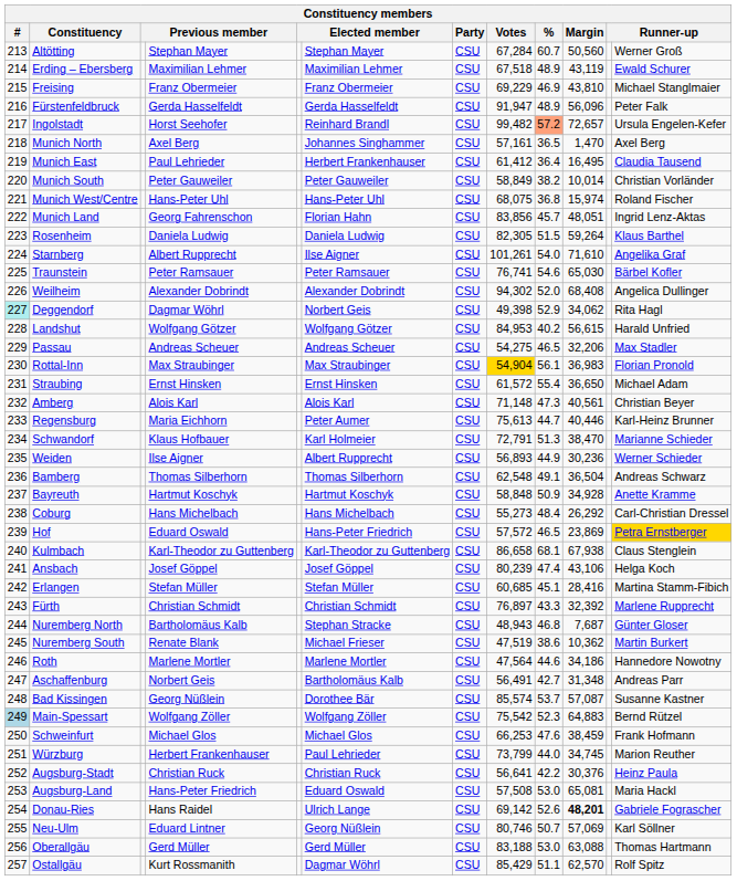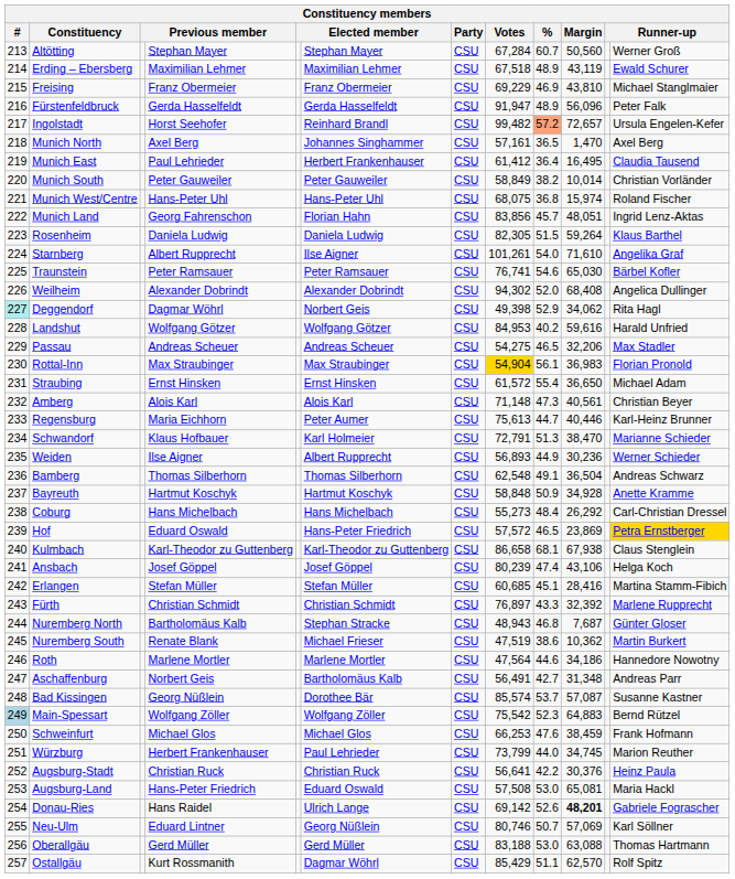 <table class="wikitable sortable" style="text-align:right">
 <tr>
 <th colspan="12">Constituency members</th>
 </tr>
 <tr>
 <th>#</th>
 <th>Constituency</th>
 <th colspan="2">Previous member</th>
 <th colspan="2">Elected member</th>
 <th>Party</th>
 <th>Votes</th>
 <th>%</th>
 <th>Margin</th>
 <th colspan="2">Runner-up</th>
 </tr>
 <tr>
 <td>213</td>
 <td align=left><a href='#'>Altötting</a></td>
 <td bgcolor=></td>
 <td align=left><a href='#'>Stephan Mayer</a></td>
 <td bgcolor=></td>
 <td align=left><a href='#'>Stephan Mayer</a></td>
 <td align=left><a href='#'>CSU</a></td>
 <td>67,284</td>
 <td>60.7</td>
 <td>50,560</td>
 <td bgcolor=></td>
 <td align=left>Werner Groß</td>
 </tr>
 <tr>
 <td>214</td>
 <td align=left><a href='#'>Erding – Ebersberg</a></td>
 <td bgcolor=></td>
 <td align=left><a href='#'>Maximilian Lehmer</a></td>
 <td></td>
 <td align=left><a href='#'>Maximilian Lehmer</a></td>
 <td align="left"><a href='#'>CSU</a></td>
 <td>67,518</td>
 <td>48.9</td>
 <td>43,119</td>
 <td bgcolor=></td>
 <td align=left><a href='#'>Ewald Schurer</a></td>
 </tr>
 <tr>
 <td>215</td>
 <td align=left><a href='#'>Freising</a></td>
 <td bgcolor=></td>
 <td align=left><a href='#'>Franz Obermeier</a></td>
 <td></td>
 <td align=left><a href='#'>Franz Obermeier</a></td>
 <td align="left"><a href='#'>CSU</a></td>
 <td>69,229</td>
 <td>46.9</td>
 <td>43,810</td>
 <td bgcolor=></td>
 <td align=left>Michael Stanglmaier</td>
 </tr>
 <tr>
 <td>216</td>
 <td align=left><a href='#'>Fürstenfeldbruck</a></td>
 <td bgcolor=></td>
 <td align=left><a href='#'>Gerda Hasselfeldt</a></td>
 <td bgcolor=></td>
 <td align=left><a href='#'>Gerda Hasselfeldt</a></td>
 <td align=left><a href='#'>CSU</a></td>
 <td>91,947</td>
 <td>48.9</td>
 <td>56,096</td>
 <td bgcolor=></td>
 <td align=left>Peter Falk</td>
 </tr>
 <tr>
 <td>217</td>
 <td align=left><a href='#'>Ingolstadt</a></td>
 <td bgcolor=></td>
 <td align=left><a href='#'>Horst Seehofer</a></td>
 <td bgcolor=></td>
 <td align=left><a href='#'>Reinhard Brandl</a></td>
 <td align=left><a href='#'>CSU</a></td>
 <td>99,482</td>
 <td style="background: lightsalmon;">57.2</td>
 <td>72,657</td>
 <td bgcolor=></td>
 <td align=left>Ursula Engelen-Kefer</td>
 </tr>
 <tr>
 <td>218</td>
 <td align=left><a href='#'>Munich North</a></td>
 <td bgcolor=></td>
 <td align=left><a href='#'>Axel Berg</a></td>
 <td bgcolor=></td>
 <td align=left><a href='#'>Johannes Singhammer</a></td>
 <td align=left><a href='#'>CSU</a></td>
 <td>57,161</td>
 <td>36.5</td>
 <td>1,470</td>
 <td bgcolor=></td>
 <td align=left>Axel Berg</td>
 </tr>
 <tr>
 <td>219</td>
 <td align=left><a href='#'>Munich East</a></td>
 <td bgcolor=></td>
 <td align=left><a href='#'>Paul Lehrieder</a></td>
 <td bgcolor=></td>
 <td align=left><a href='#'>Herbert Frankenhauser</a></td>
 <td align=left><a href='#'>CSU</a></td>
 <td>61,412</td>
 <td>36.4</td>
 <td>16,495</td>
 <td bgcolor=></td>
 <td align=left><a href='#'>Claudia Tausend</a></td>
 </tr>
 <tr>
 <td>220</td>
 <td align=left><a href='#'>Munich South</a></td>
 <td bgcolor=></td>
 <td align=left><a href='#'>Peter Gauweiler</a></td>
 <td bgcolor=></td>
 <td align=left><a href='#'>Peter Gauweiler</a></td>
 <td align=left><a href='#'>CSU</a></td>
 <td>58,849</td>
 <td>38.2</td>
 <td>10,014</td>
 <td bgcolor=></td>
 <td align=left>Christian Vorländer</td>
 </tr>
 <tr>
 <td>221</td>
 <td align=left><a href='#'>Munich West/Centre</a></td>
 <td bgcolor=></td>
 <td align=left><a href='#'>Hans-Peter Uhl</a></td>
 <td bgcolor=></td>
 <td align=left><a href='#'>Hans-Peter Uhl</a></td>
 <td align=left><a href='#'>CSU</a></td>
 <td>68,075</td>
 <td>36.8</td>
 <td>15,974</td>
 <td bgcolor=></td>
 <td align=left>Roland Fischer</td>
 </tr>
 <tr>
 <td>222</td>
 <td align=left><a href='#'>Munich Land</a></td>
 <td bgcolor=></td>
 <td align=left><a href='#'>Georg Fahrenschon</a></td>
 <td bgcolor=></td>
 <td align=left><a href='#'>Florian Hahn</a></td>
 <td align=left><a href='#'>CSU</a></td>
 <td>83,856</td>
 <td>45.7</td>
 <td>48,051</td>
 <td bgcolor=></td>
 <td align=left>Ingrid Lenz-Aktas</td>
 </tr>
 <tr>
 <td>223</td>
 <td align=left><a href='#'>Rosenheim</a></td>
 <td bgcolor=></td>
 <td align=left><a href='#'>Daniela Ludwig</a></td>
 <td bgcolor=></td>
 <td align=left><a href='#'>Daniela Ludwig</a></td>
 <td align=left><a href='#'>CSU</a></td>
 <td>82,305</td>
 <td>51.5</td>
 <td>59,264</td>
 <td bgcolor=></td>
 <td align=left><a href='#'>Klaus Barthel</a></td>
 </tr>
 <tr>
 <td>224</td>
 <td align=left><a href='#'>Starnberg</a></td>
 <td bgcolor=></td>
 <td align=left><a href='#'>Albert Rupprecht</a></td>
 <td bgcolor=></td>
 <td align=left><a href='#'>Ilse Aigner</a></td>
 <td align=left><a href='#'>CSU</a></td>
 <td>101,261</td>
 <td>54.0</td>
 <td>71,610</td>
 <td bgcolor=></td>
 <td align=left><a href='#'>Angelika Graf</a></td>
 </tr>
 <tr>
 <td>225</td>
 <td align=left><a href='#'>Traunstein</a></td>
 <td bgcolor=></td>
 <td align=left><a href='#'>Peter Ramsauer</a></td>
 <td bgcolor=></td>
 <td align=left><a href='#'>Peter Ramsauer</a></td>
 <td align=left><a href='#'>CSU</a></td>
 <td>76,741</td>
 <td>54.6</td>
 <td>65,030</td>
 <td bgcolor=></td>
 <td align=left><a href='#'>Bärbel Kofler</a></td>
 </tr>
 <tr>
 <td>226</td>
 <td align=left><a href='#'>Weilheim</a></td>
 <td bgcolor=></td>
 <td align=left><a href='#'>Alexander Dobrindt</a></td>
 <td bgcolor=></td>
 <td align=left><a href='#'>Alexander Dobrindt</a></td>
 <td align=left><a href='#'>CSU</a></td>
 <td>94,302</td>
 <td>52.0</td>
 <td>68,408</td>
 <td bgcolor=></td>
 <td align=left>Angelica Dullinger</td>
 </tr>
 <tr>
 <td style="background: paleturquoise;">227</td>
 <td align=left><a href='#'>Deggendorf</a></td>
 <td bgcolor=></td>
 <td align=left><a href='#'>Dagmar Wöhrl</a></td>
 <td bgcolor=></td>
 <td align=left><a href='#'>Norbert Geis</a></td>
 <td align=left><a href='#'>CSU</a></td>
 <td>49,398</td>
 <td>52.9</td>
 <td>34,062</td>
 <td bgcolor=></td>
 <td align=left>Rita Hagl</td>
 </tr>
 <tr>
 <td>228</td>
 <td align=left><a href='#'>Landshut</a></td>
 <td bgcolor=></td>
 <td align=left><a href='#'>Wolfgang Götzer</a></td>
 <td></td>
 <td align=left><a href='#'>Wolfgang Götzer</a></td>
 <td align="left"><a href='#'>CSU</a></td>
 <td>84,953</td>
 <td>40.2</td>
-<td>56,615</td>
+<td>59,616</td>
 <td bgcolor=></td>
 <td align=left>Harald Unfried</td>
 </tr>
 <tr>
 <td>229</td>
 <td align=left><a href='#'>Passau</a></td>
 <td bgcolor=></td>
 <td align=left><a href='#'>Andreas Scheuer</a></td>
 <td bgcolor=></td>
 <td align=left><a href='#'>Andreas Scheuer</a></td>
 <td align=left><a href='#'>CSU</a></td>
 <td>54,275</td>
 <td>46.5</td>
 <td>32,206</td>
 <td bgcolor=></td>
 <td align=left><a href='#'>Max Stadler</a></td>
 </tr>
 <tr>
 <td>230</td>
 <td align=left><a href='#'>Rottal-Inn</a></td>
 <td bgcolor=></td>
 <td align=left><a href='#'>Max Straubinger</a></td>
 <td bgcolor=></td>
 <td align=left><a href='#'>Max Straubinger</a></td>
 <td align=left><a href='#'>CSU</a></td>
 <td style="background: gold;">54,904</td>
 <td>56.1</td>
 <td>36,983</td>
 <td bgcolor=></td>
 <td align=left><a href='#'>Florian Pronold</a></td>
 </tr>
 <tr>
 <td>231</td>
 <td align=left><a href='#'>Straubing</a></td>
 <td bgcolor=></td>
 <td align=left><a href='#'>Ernst Hinsken</a></td>
 <td></td>
 <td align=left><a href='#'>Ernst Hinsken</a></td>
 <td align="left"><a href='#'>CSU</a></td>
 <td>61,572</td>
 <td>55.4</td>
 <td>36,650</td>
 <td bgcolor=></td>
 <td align=left>Michael Adam</td>
 </tr>
 <tr>
 <td>232</td>
 <td align=left><a href='#'>Amberg</a></td>
 <td bgcolor=></td>
 <td align=left><a href='#'>Alois Karl</a></td>
 <td bgcolor=></td>
 <td align=left><a href='#'>Alois Karl</a></td>
 <td align=left><a href='#'>CSU</a></td>
 <td>71,148</td>
 <td>47.3</td>
 <td>40,561</td>
 <td bgcolor=></td>
 <td align=left>Christian Beyer</td>
 </tr>
 <tr>
 <td>233</td>
 <td align=left><a href='#'>Regensburg</a></td>
 <td bgcolor=></td>
 <td align=left><a href='#'>Maria Eichhorn</a></td>
 <td bgcolor=></td>
 <td align=left><a href='#'>Peter Aumer</a></td>
 <td align=left><a href='#'>CSU</a></td>
 <td>75,613</td>
 <td>44.7</td>
 <td>40,446</td>
 <td bgcolor=></td>
 <td align=left>Karl-Heinz Brunner</td>
 </tr>
 <tr>
 <td>234</td>
 <td align=left><a href='#'>Schwandorf</a></td>
 <td bgcolor=></td>
 <td align=left><a href='#'>Klaus Hofbauer</a></td>
 <td></td>
 <td align=left><a href='#'>Karl Holmeier</a></td>
 <td align=left><a href='#'>CSU</a></td>
 <td>72,791</td>
 <td>51.3</td>
 <td>38,470</td>
 <td bgcolor=></td>
 <td align=left><a href='#'>Marianne Schieder</a></td>
 </tr>
 <tr>
 <td>235</td>
 <td align=left><a href='#'>Weiden</a></td>
 <td bgcolor=></td>
 <td align=left><a href='#'>Ilse Aigner</a></td>
 <td bgcolor=></td>
 <td align=left><a href='#'>Albert Rupprecht</a></td>
 <td align=left><a href='#'>CSU</a></td>
 <td>56,893</td>
 <td>44.9</td>
 <td>30,236</td>
 <td bgcolor=></td>
 <td align=left><a href='#'>Werner Schieder</a></td>
 </tr>
 <tr>
 <td>236</td>
 <td align=left><a href='#'>Bamberg</a></td>
 <td bgcolor=></td>
 <td align=left><a href='#'>Thomas Silberhorn</a></td>
 <td bgcolor=></td>
 <td align=left><a href='#'>Thomas Silberhorn</a></td>
 <td align=left><a href='#'>CSU</a></td>
 <td>62,548</td>
 <td>49.1</td>
 <td>36,504</td>
 <td bgcolor=></td>
 <td align=left>Andreas Schwarz</td>
 </tr>
 <tr>
 <td>237</td>
 <td align=left><a href='#'>Bayreuth</a></td>
 <td bgcolor=></td>
 <td align=left><a href='#'>Hartmut Koschyk</a></td>
 <td></td>
 <td align=left><a href='#'>Hartmut Koschyk</a></td>
 <td align="left"><a href='#'>CSU</a></td>
 <td>58,848</td>
 <td>50.9</td>
 <td>34,928</td>
 <td bgcolor=></td>
 <td align=left><a href='#'>Anette Kramme</a></td>
 </tr>
 <tr>
 <td>238</td>
 <td align=left><a href='#'>Coburg</a></td>
 <td bgcolor=></td>
 <td align=left><a href='#'>Hans Michelbach</a></td>
 <td bgcolor=></td>
 <td align=left><a href='#'>Hans Michelbach</a></td>
 <td align=left><a href='#'>CSU</a></td>
 <td>55,273</td>
 <td>48.4</td>
 <td>26,292</td>
 <td bgcolor=></td>
 <td align=left>Carl-Christian Dressel</td>
 </tr>
 <tr>
 <td>239</td>
 <td align=left><a href='#'>Hof</a></td>
 <td bgcolor=></td>
 <td align=left><a href='#'>Eduard Oswald</a></td>
 <td bgcolor=></td>
 <td align=left><a href='#'>Hans-Peter Friedrich</a></td>
 <td align=left><a href='#'>CSU</a></td>
 <td>57,572</td>
 <td>46.5</td>
 <td>23,869</td>
 <td bgcolor=></td>
 <td align=left style="background: gold;"><a href='#'>Petra Ernstberger</a></td>
 </tr>
 <tr>
 <td>240</td>
 <td align=left><a href='#'>Kulmbach</a></td>
 <td bgcolor=></td>
 <td align=left><a href='#'>Karl-Theodor zu Guttenberg</a></td>
 <td bgcolor=></td>
 <td align=left><a href='#'>Karl-Theodor zu Guttenberg</a></td>
 <td align=left><a href='#'>CSU</a></td>
 <td>86,658</td>
 <td>68.1</td>
 <td>67,938</td>
 <td bgcolor=></td>
 <td align=left>Claus Stenglein</td>
 </tr>
 <tr>
 <td>241</td>
 <td align=left><a href='#'>Ansbach</a></td>
 <td bgcolor=></td>
 <td align=left><a href='#'>Josef Göppel</a></td>
 <td bgcolor=></td>
 <td align=left><a href='#'>Josef Göppel</a></td>
 <td align=left><a href='#'>CSU</a></td>
 <td>80,239</td>
 <td>47.4</td>
 <td>43,106</td>
 <td bgcolor=></td>
 <td align=left>Helga Koch</td>
 </tr>
 <tr>
 <td>242</td>
 <td align=left><a href='#'>Erlangen</a></td>
 <td bgcolor=></td>
 <td align=left><a href='#'>Stefan Müller</a></td>
 <td bgcolor=></td>
 <td align=left><a href='#'>Stefan Müller</a></td>
 <td align=left><a href='#'>CSU</a></td>
 <td>60,685</td>
 <td>45.1</td>
 <td>28,416</td>
 <td bgcolor=></td>
 <td align=left>Martina Stamm-Fibich</td>
 </tr>
 <tr>
 <td>243</td>
 <td align=left><a href='#'>Fürth</a></td>
 <td bgcolor=></td>
 <td align=left><a href='#'>Christian Schmidt</a></td>
 <td bgcolor=></td>
 <td align=left><a href='#'>Christian Schmidt</a></td>
 <td align=left><a href='#'>CSU</a></td>
 <td>76,897</td>
 <td>43.3</td>
 <td>32,392</td>
 <td bgcolor=></td>
 <td align=left><a href='#'>Marlene Rupprecht</a></td>
 </tr>
 <tr>
 <td>244</td>
 <td align=left><a href='#'>Nuremberg North</a></td>
 <td bgcolor=></td>
 <td align=left><a href='#'>Bartholomäus Kalb</a></td>
 <td bgcolor=></td>
 <td align=left><a href='#'>Stephan Stracke</a></td>
 <td align=left><a href='#'>CSU</a></td>
 <td>48,943</td>
 <td>46.8</td>
 <td>7,687</td>
 <td bgcolor=></td>
 <td align=left><a href='#'>Günter Gloser</a></td>
 </tr>
 <tr>
 <td>245</td>
 <td align=left><a href='#'>Nuremberg South</a></td>
 <td bgcolor=></td>
 <td align=left><a href='#'>Renate Blank</a></td>
 <td bgcolor=></td>
 <td align=left><a href='#'>Michael Frieser</a></td>
 <td align=left><a href='#'>CSU</a></td>
 <td>47,519</td>
 <td>38.6</td>
 <td>10,362</td>
 <td bgcolor=></td>
 <td align=left><a href='#'>Martin Burkert</a></td>
 </tr>
 <tr>
 <td>246</td>
 <td align=left><a href='#'>Roth</a></td>
 <td bgcolor=></td>
 <td align=left><a href='#'>Marlene Mortler</a></td>
 <td bgcolor=></td>
 <td align=left><a href='#'>Marlene Mortler</a></td>
 <td align=left><a href='#'>CSU</a></td>
 <td>47,564</td>
 <td>44.6</td>
 <td>34,186</td>
 <td bgcolor=></td>
 <td align=left>Hannedore Nowotny</td>
 </tr>
 <tr>
 <td>247</td>
 <td align=left><a href='#'>Aschaffenburg</a></td>
 <td bgcolor=></td>
 <td align=left><a href='#'>Norbert Geis</a></td>
 <td bgcolor=></td>
 <td align=left><a href='#'>Bartholomäus Kalb</a></td>
 <td align=left><a href='#'>CSU</a></td>
 <td>56,491</td>
 <td>42.7</td>
 <td>31,348</td>
 <td bgcolor=></td>
 <td align=left>Andreas Parr</td>
 </tr>
 <tr>
 <td>248</td>
 <td align=left><a href='#'>Bad Kissingen</a></td>
 <td bgcolor=></td>
 <td align=left><a href='#'>Georg Nüßlein</a></td>
 <td></td>
 <td align=left><a href='#'>Dorothee Bär</a></td>
 <td align=left><a href='#'>CSU</a></td>
 <td>85,574</td>
 <td>53.7</td>
 <td>57,087</td>
 <td bgcolor=></td>
 <td align=left>Susanne Kastner</td>
 </tr>
 <tr>
 <td style="background: lightblue;">249</td>
 <td align=left><a href='#'>Main-Spessart</a></td>
 <td bgcolor=></td>
 <td align=left><a href='#'>Wolfgang Zöller</a></td>
 <td></td>
 <td align=left><a href='#'>Wolfgang Zöller</a></td>
 <td align="left"><a href='#'>CSU</a></td>
 <td>75,542</td>
 <td>52.3</td>
 <td>64,883</td>
 <td bgcolor=></td>
 <td align=left>Bernd Rützel</td>
 </tr>
 <tr>
 <td>250</td>
 <td align=left><a href='#'>Schweinfurt</a></td>
 <td bgcolor=></td>
 <td align=left><a href='#'>Michael Glos</a></td>
 <td bgcolor=></td>
 <td align=left><a href='#'>Michael Glos</a></td>
 <td align=left><a href='#'>CSU</a></td>
 <td>66,253</td>
 <td>47.6</td>
 <td>38,459</td>
 <td bgcolor=></td>
 <td align=left>Frank Hofmann</td>
 </tr>
 <tr>
 <td>251</td>
 <td align=left><a href='#'>Würzburg</a></td>
 <td bgcolor=></td>
 <td align=left><a href='#'>Herbert Frankenhauser</a></td>
 <td bgcolor=></td>
 <td align=left><a href='#'>Paul Lehrieder</a></td>
 <td align=left><a href='#'>CSU</a></td>
 <td>73,799</td>
 <td>44.0</td>
 <td>34,745</td>
 <td bgcolor=></td>
 <td align=left>Marion Reuther</td>
 </tr>
 <tr>
 <td>252</td>
 <td align=left><a href='#'>Augsburg-Stadt</a></td>
 <td bgcolor=></td>
 <td align=left><a href='#'>Christian Ruck</a></td>
 <td></td>
 <td align=left><a href='#'>Christian Ruck</a></td>
 <td align="left"><a href='#'>CSU</a></td>
 <td>56,641</td>
 <td>42.2</td>
 <td>30,376</td>
 <td bgcolor=></td>
 <td align=left><a href='#'>Heinz Paula</a></td>
 </tr>
 <tr>
 <td>253</td>
 <td align=left><a href='#'>Augsburg-Land</a></td>
 <td bgcolor=></td>
 <td align=left><a href='#'>Hans-Peter Friedrich</a></td>
 <td bgcolor=></td>
 <td align=left><a href='#'>Eduard Oswald</a></td>
 <td align=left><a href='#'>CSU</a></td>
 <td>57,508</td>
 <td>53.0</td>
 <td>65,081</td>
 <td bgcolor=></td>
 <td align=left>Maria Hackl</td>
 </tr>
 <tr>
 <td>254</td>
 <td align=left><a href='#'>Donau-Ries</a></td>
 <td bgcolor=></td>
 <td align=left>Hans Raidel</td>
 <td bgcolor=></td>
 <td align=left><a href='#'>Ulrich Lange</a></td>
 <td align=left><a href='#'>CSU</a></td>
 <td>69,142</td>
 <td>52.6</td>
 <td><strong>48,201</strong></td>
 <td bgcolor=></td>
 <td align=left><a href='#'>Gabriele Fograscher</a></td>
 </tr>
 <tr>
 <td>255</td>
 <td align=left><a href='#'>Neu-Ulm</a></td>
 <td bgcolor=></td>
 <td align=left><a href='#'>Eduard Lintner</a></td>
 <td bgcolor=></td>
 <td align=left><a href='#'>Georg Nüßlein</a></td>
 <td align=left><a href='#'>CSU</a></td>
 <td>80,746</td>
 <td>50.7</td>
 <td>57,069</td>
 <td bgcolor=></td>
 <td align=left>Karl Söllner</td>
 </tr>
 <tr>
 <td>256</td>
 <td align=left><a href='#'>Oberallgäu</a></td>
 <td bgcolor=></td>
 <td align=left><a href='#'>Gerd Müller</a></td>
 <td bgcolor=></td>
 <td align=left><a href='#'>Gerd Müller</a></td>
 <td align=left><a href='#'>CSU</a></td>
 <td>83,188</td>
 <td>53.0</td>
 <td>63,088</td>
 <td bgcolor=></td>
 <td align=left>Thomas Hartmann</td>
 </tr>
 <tr>
 <td>257</td>
 <td align=left><a href='#'>Ostallgäu</a></td>
 <td bgcolor=></td>
 <td align=left>Kurt Rossmanith</td>
 <td bgcolor=></td>
 <td align=left><a href='#'>Dagmar Wöhrl</a></td>
 <td align=left><a href='#'>CSU</a></td>
 <td>85,429</td>
 <td>51.1</td>
 <td>62,570</td>
 <td bgcolor=></td>
 <td align=left>Rolf Spitz</td>
 </tr>
 </table>
